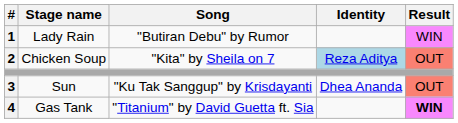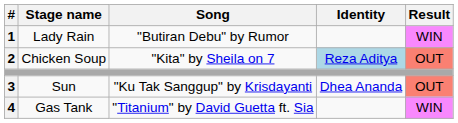 <table class="wikitable plainrowheaders" style="text-align: center;">
 <tr>
 <th>#</th>
 <th>Stage name</th>
 <th>Song</th>
 <th>Identity</th>
 <th>Result</th>
 </tr>
 <tr>
 <th>1</th>
 <td>Lady Rain</td>
 <td>"Butiran Debu" by Rumor</td>
 <td></td>
 <td bgcolor="F888FD">WIN</td>
 </tr>
 <tr>
 <th>2</th>
 <td>Chicken Soup</td>
 <td>"Kita" by <a href='#'>Sheila on 7</a></td>
 <td style="background: lightblue;"><a href='#'>Reza Aditya</a></td>
 <td bgcolor="salmon">OUT</td>
 </tr>
 <tr>
 <th colspan="5" style="background:darkgrey"></th>
 </tr>
 <tr>
 <th>3</th>
 <td>Sun</td>
 <td>"Ku Tak Sanggup" by <a href='#'>Krisdayanti</a></td>
 <td><a href='#'>Dhea Ananda</a></td>
 <td bgcolor="salmon">OUT</td>
 </tr>
 <tr>
 <th>4</th>
 <td>Gas Tank</td>
 <td>"<a href='#'>Titanium</a>" by <a href='#'>David Guetta</a> ft. <a href='#'>Sia</a></td>
 <td></td>
-<td bgcolor="F888FD"><strong>WIN</strong></td>
+<td bgcolor="F888FD">WIN</td>
 </tr>
 </table>
